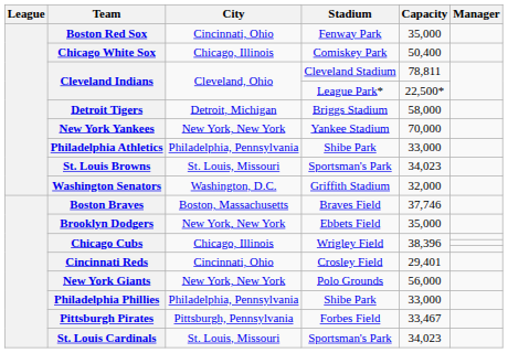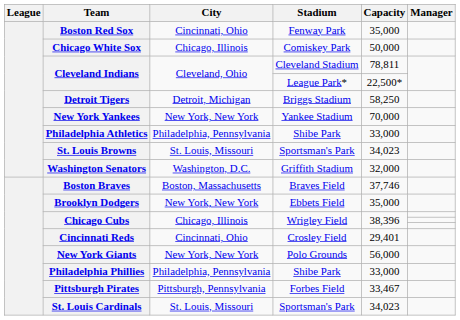 <table class="wikitable sortable plainrowheaders" style="text-align:center;">
 <tr>
 <th scope="col">League</th>
 <th scope="col">Team</th>
 <th scope="col">City</th>
 <th scope="col">Stadium</th>
 <th scope="col">Capacity</th>
 <th scope="col">Manager</th>
 </tr>
 <tr>
 <th rowspan="9"></th>
 <th scope="row"><a href='#'>Boston Red Sox</a></th>
 <td><a href='#'>Cincinnati, Ohio</a></td>
 <td><a href='#'>Fenway Park</a></td>
 <td>35,000</td>
 <td></td>
 </tr>
 <tr>
 <th scope="row"><a href='#'>Chicago White Sox</a></th>
 <td><a href='#'>Chicago, Illinois</a></td>
 <td><a href='#'>Comiskey Park</a></td>
-<td>50,400</td>
+<td>50,000</td>
 <td></td>
 </tr>
 <tr>
 <th rowspan="2" scope="row"><a href='#'>Cleveland Indians</a></th>
 <td rowspan="2"><a href='#'>Cleveland, Ohio</a></td>
 <td><a href='#'>Cleveland Stadium</a></td>
 <td>78,811</td>
 <td rowspan="2"></td>
 </tr>
 <tr>
 <td><a href='#'>League Park</a>*</td>
 <td>22,500*</td>
 </tr>
 <tr>
 <th scope="row"><a href='#'>Detroit Tigers</a></th>
 <td><a href='#'>Detroit, Michigan</a></td>
 <td><a href='#'>Briggs Stadium</a></td>
-<td>58,000</td>
+<td>58,250</td>
 <td></td>
 </tr>
 <tr>
 <th scope="row"><a href='#'>New York Yankees</a></th>
 <td><a href='#'>New York, New York</a></td>
 <td><a href='#'>Yankee Stadium</a></td>
 <td>70,000</td>
 <td></td>
 </tr>
 <tr>
 <th scope="row"><a href='#'>Philadelphia Athletics</a></th>
 <td><a href='#'>Philadelphia, Pennsylvania</a></td>
 <td><a href='#'>Shibe Park</a></td>
 <td>33,000</td>
 <td></td>
 </tr>
 <tr>
 <th scope="row"><a href='#'>St. Louis Browns</a></th>
 <td><a href='#'>St. Louis, Missouri</a></td>
 <td><a href='#'>Sportsman's Park</a></td>
 <td>34,023</td>
 <td></td>
 </tr>
 <tr>
 <th scope="row"><a href='#'>Washington Senators</a></th>
 <td><a href='#'>Washington, D.C.</a></td>
 <td><a href='#'>Griffith Stadium</a></td>
 <td>32,000</td>
 <td></td>
 </tr>
 <tr>
 <th rowspan="10"></th>
 <th scope="row"><a href='#'>Boston Braves</a></th>
 <td><a href='#'>Boston, Massachusetts</a></td>
 <td><a href='#'>Braves Field</a></td>
 <td>37,746</td>
 <td></td>
 </tr>
 <tr>
 <th scope="row"><a href='#'>Brooklyn Dodgers</a></th>
 <td><a href='#'>New York, New York</a></td>
 <td><a href='#'>Ebbets Field</a></td>
 <td>35,000</td>
 <td></td>
 </tr>
 <tr>
 <th rowspan="3" scope="row"><a href='#'>Chicago Cubs</a></th>
 <td rowspan="3"><a href='#'>Chicago, Illinois</a></td>
 <td rowspan="3"><a href='#'>Wrigley Field</a></td>
 <td rowspan="3">38,396</td>
 <td></td>
 </tr>
 <tr>
 <td></td>
 </tr>
 <tr>
 <td></td>
 </tr>
 <tr>
 <th scope="row"><a href='#'>Cincinnati Reds</a></th>
 <td><a href='#'>Cincinnati, Ohio</a></td>
 <td><a href='#'>Crosley Field</a></td>
 <td>29,401</td>
 <td></td>
 </tr>
 <tr>
 <th scope="row"><a href='#'>New York Giants</a></th>
 <td><a href='#'>New York, New York</a></td>
 <td><a href='#'>Polo Grounds</a></td>
 <td>56,000</td>
 <td></td>
 </tr>
 <tr>
 <th scope="row"><a href='#'>Philadelphia Phillies</a></th>
 <td><a href='#'>Philadelphia, Pennsylvania</a></td>
 <td><a href='#'>Shibe Park</a></td>
 <td>33,000</td>
 <td></td>
 </tr>
 <tr>
 <th scope="row"><a href='#'>Pittsburgh Pirates</a></th>
 <td><a href='#'>Pittsburgh, Pennsylvania</a></td>
 <td><a href='#'>Forbes Field</a></td>
 <td>33,467</td>
 <td></td>
 </tr>
 <tr>
 <th scope="row"><a href='#'>St. Louis Cardinals</a></th>
 <td><a href='#'>St. Louis, Missouri</a></td>
 <td><a href='#'>Sportsman's Park</a></td>
 <td>34,023</td>
 <td></td>
 </tr>
 </table>
